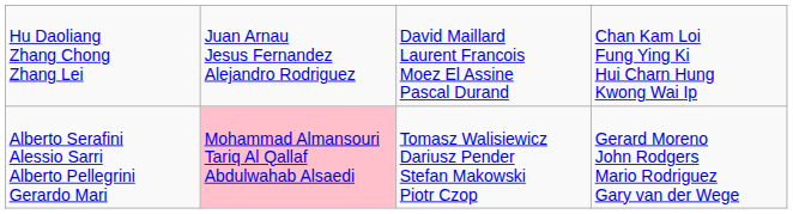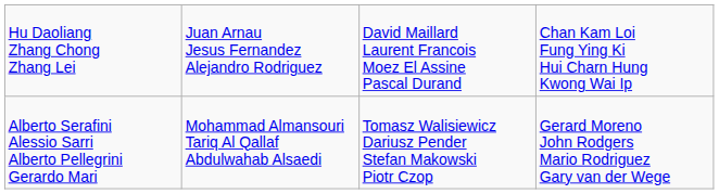 <table class="wikitable">
 <tr>
 <td style="vertical-align:top; width:180px"><br><a href='#'>Hu Daoliang</a><br><a href='#'>Zhang Chong</a><br><a href='#'>Zhang Lei</a></td>
 <td style="vertical-align:top; width:180px"><br><a href='#'>Juan Arnau</a><br><a href='#'>Jesus Fernandez</a><br><a href='#'>Alejandro Rodriguez</a></td>
 <td style="vertical-align:top; width:180px"><br><a href='#'>David Maillard</a><br><a href='#'>Laurent Francois</a><br><a href='#'>Moez El Assine</a><br><a href='#'>Pascal Durand</a></td>
 <td style="vertical-align:top; width:180px"><br><a href='#'>Chan Kam Loi</a><br><a href='#'>Fung Ying Ki</a><br><a href='#'>Hui Charn Hung</a><br><a href='#'>Kwong Wai Ip</a></td>
 </tr>
 <tr>
 <td style="vertical-align:top; width:180px"><br><a href='#'>Alberto Serafini</a><br><a href='#'>Alessio Sarri</a><br><a href='#'>Alberto Pellegrini</a><br><a href='#'>Gerardo Mari</a></td>
-<td style="background: pink; vertical-align:top; width:180px"><br><a href='#'>Mohammad Almansouri</a><br><a href='#'>Tariq Al Qallaf</a><br><a href='#'>Abdulwahab Alsaedi</a></td>
+<td style="vertical-align:top; width:180px"><br><a href='#'>Mohammad Almansouri</a><br><a href='#'>Tariq Al Qallaf</a><br><a href='#'>Abdulwahab Alsaedi</a></td>
 <td style="vertical-align:top; width:180px"><br><a href='#'>Tomasz Walisiewicz</a><br><a href='#'>Dariusz Pender</a><br><a href='#'>Stefan Makowski</a><br><a href='#'>Piotr Czop</a></td>
 <td style="vertical-align:top; width:180px"><br><a href='#'>Gerard Moreno</a><br><a href='#'>John Rodgers</a><br><a href='#'>Mario Rodriguez</a><br><a href='#'>Gary van der Wege</a></td>
 </tr>
 </table>
